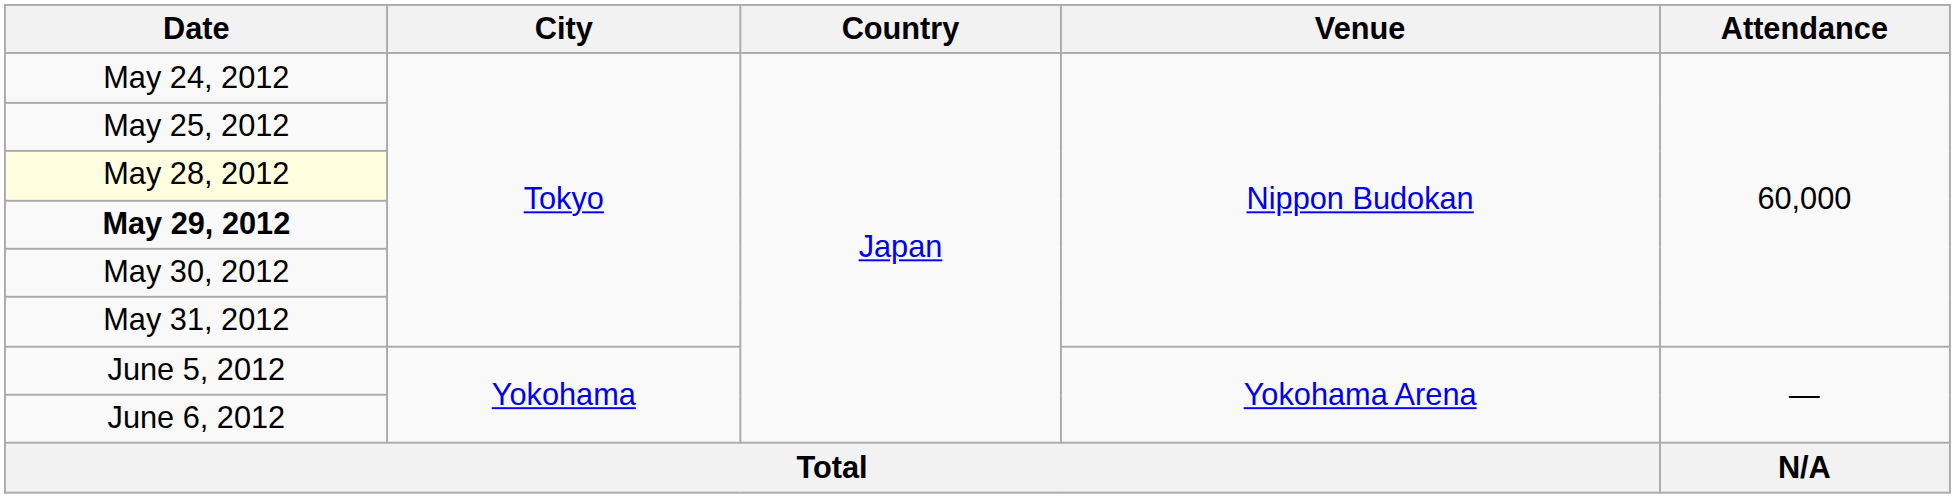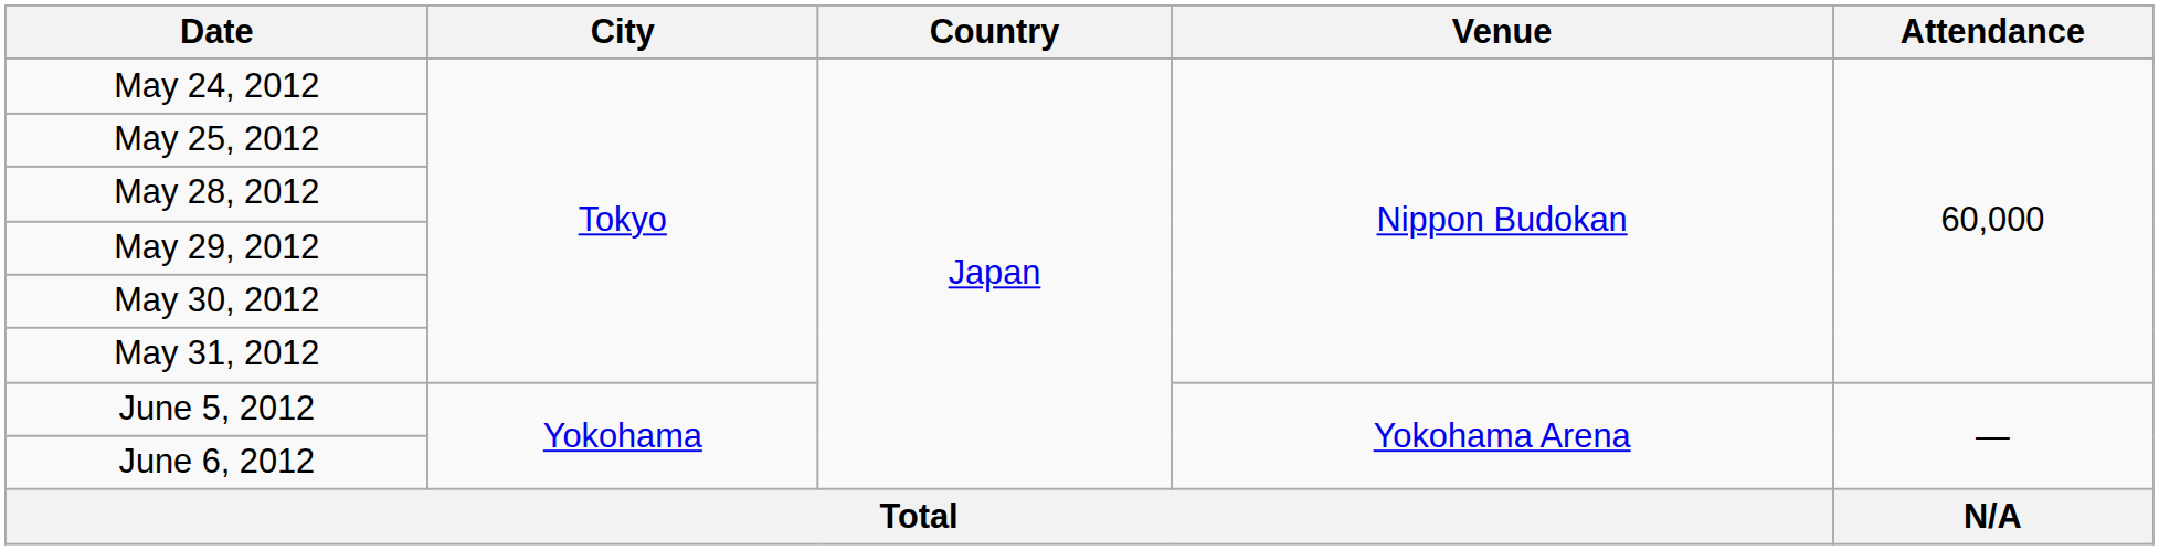 <table class="wikitable" style="text-align:center;">
 <tr>
 <th scope="col" style="width:12em;">Date</th>
 <th scope="col" style="width:11em;">City</th>
 <th scope="col" style="width:10em;">Country</th>
 <th scope="col" style="width:19em;">Venue</th>
 <th scope="col" style="width:9em;">Attendance</th>
 </tr>
 <tr>
 <td>May 24, 2012</td>
 <td rowspan=6><a href='#'>Tokyo</a></td>
 <td rowspan=8><a href='#'>Japan</a></td>
 <td rowspan=6><a href='#'>Nippon Budokan</a></td>
 <td rowspan="6">60,000</td>
 </tr>
 <tr>
 <td>May 25, 2012</td>
 </tr>
 <tr>
-<td style="background: lightyellow;">May 28, 2012</td>
+<td>May 28, 2012</td>
 </tr>
 <tr>
-<td><strong>May 29, 2012</strong></td>
+<td>May 29, 2012</td>
 </tr>
 <tr>
 <td>May 30, 2012</td>
 </tr>
 <tr>
 <td>May 31, 2012</td>
 </tr>
 <tr>
 <td>June 5, 2012</td>
 <td rowspan=2><a href='#'>Yokohama</a></td>
 <td rowspan=2><a href='#'>Yokohama Arena</a></td>
 <td rowspan="2">—</td>
 </tr>
 <tr>
 <td>June 6, 2012</td>
 </tr>
 <tr>
 <th colspan="4">Total</th>
 <th>N/A</th>
 </tr>
 </table>
